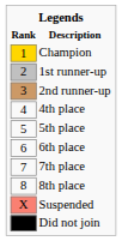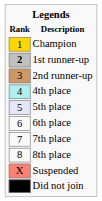 <table class="infobox" style="font-size: 100%; width: auto;">
 <tr>
 <th align=center colspan=2>Legends</th>
 </tr>
 <tr>
 <th align=center><small>Rank</small></th>
 <th align=center><small>Description</small></th>
 </tr>
 <tr>
 <td bgcolor=gold align=center style="border: 1px solid gray;">1</td>
 <td>Champion</td>
 </tr>
 <tr>
-<td bgcolor=silver align=center style="border: 1px solid gray;">2</td>
+<td bgcolor=silver align=center style="border: 1px solid gray;"><strong>2</strong></td>
 <td>1st runner-up</td>
 </tr>
 <tr>
 <td bgcolor=#CC9966 align=center style="border: 1px solid gray;">3</td>
 <td>2nd runner-up</td>
 </tr>
 <tr>
-<td align=center style="border: 1px solid gray;">4</td>
+<td align=center style="background: paleturquoise; border: 1px solid gray;">4</td>
 <td>4th place</td>
 </tr>
 <tr>
-<td align=center style="border: 1px solid gray;">5</td>
+<td align=center style="background: lavender; border: 1px solid gray;">5</td>
 <td>5th place</td>
 </tr>
 <tr>
 <td align=center style="border: 1px solid gray;">6</td>
 <td>6th place</td>
 </tr>
 <tr>
 <td align=center style="border: 1px solid gray;">7</td>
 <td>7th place</td>
 </tr>
 <tr>
 <td align=center style="border: 1px solid gray;">8</td>
 <td>8th place</td>
 </tr>
 <tr>
 <td bgcolor=salmon align=center style="border: 1px solid gray;">X</td>
 <td>Suspended</td>
 </tr>
 <tr>
 <td bgcolor=black align=center style="border: 1px solid gray;"></td>
 <td>Did not join</td>
 </tr>
 </table>
